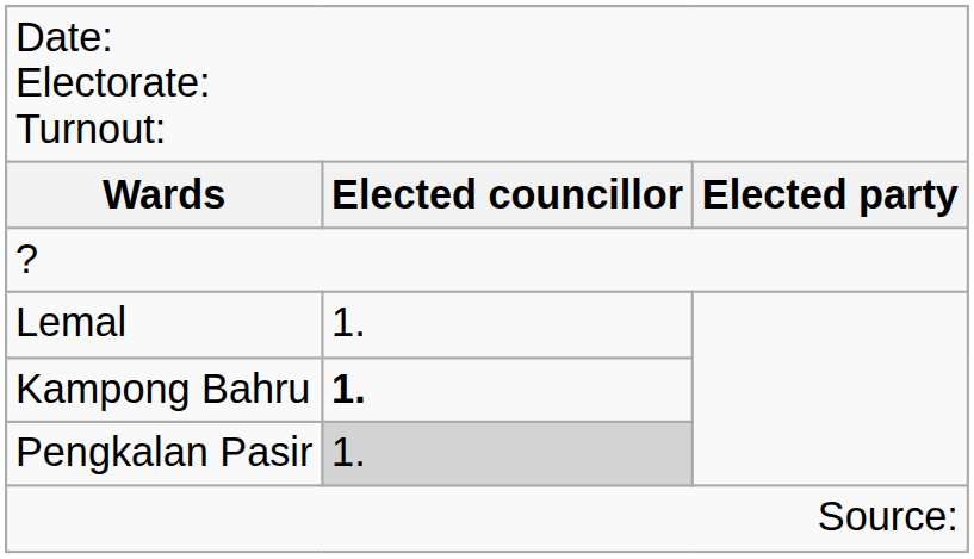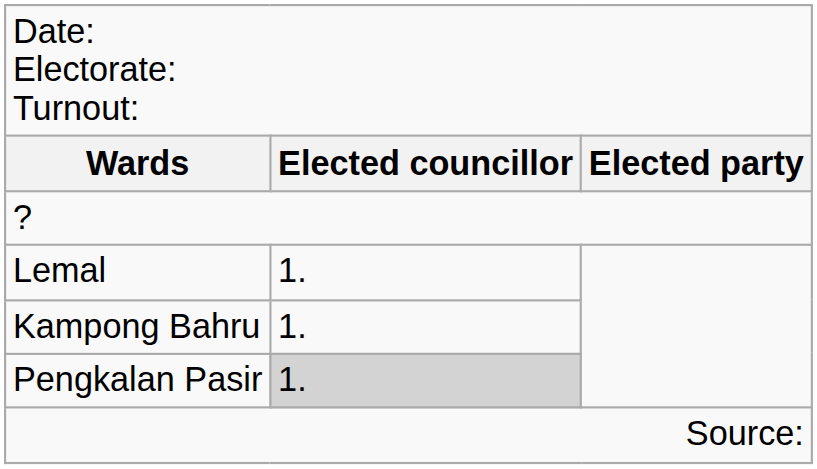 <table class=wikitable>
 <tr>
 <td colspan=3>Date: <br>Electorate: <br>Turnout:</td>
 </tr>
 <tr>
 <th>Wards</th>
 <th>Elected councillor</th>
 <th>Elected party</th>
 </tr>
 <tr>
 <td colspan=3>? </td>
 </tr>
 <tr>
 <td>Lemal</td>
 <td>1.</td>
 </tr>
 <tr>
 <td>Kampong Bahru</td>
-<td><strong>1.</strong></td>
+<td>1.</td>
 </tr>
 <tr>
 <td>Pengkalan Pasir</td>
 <td style="background: lightgrey;">1.</td>
 </tr>
 <tr>
 <td colspan="3" style="text-align:right;">Source:</td>
 </tr>
 </table>
